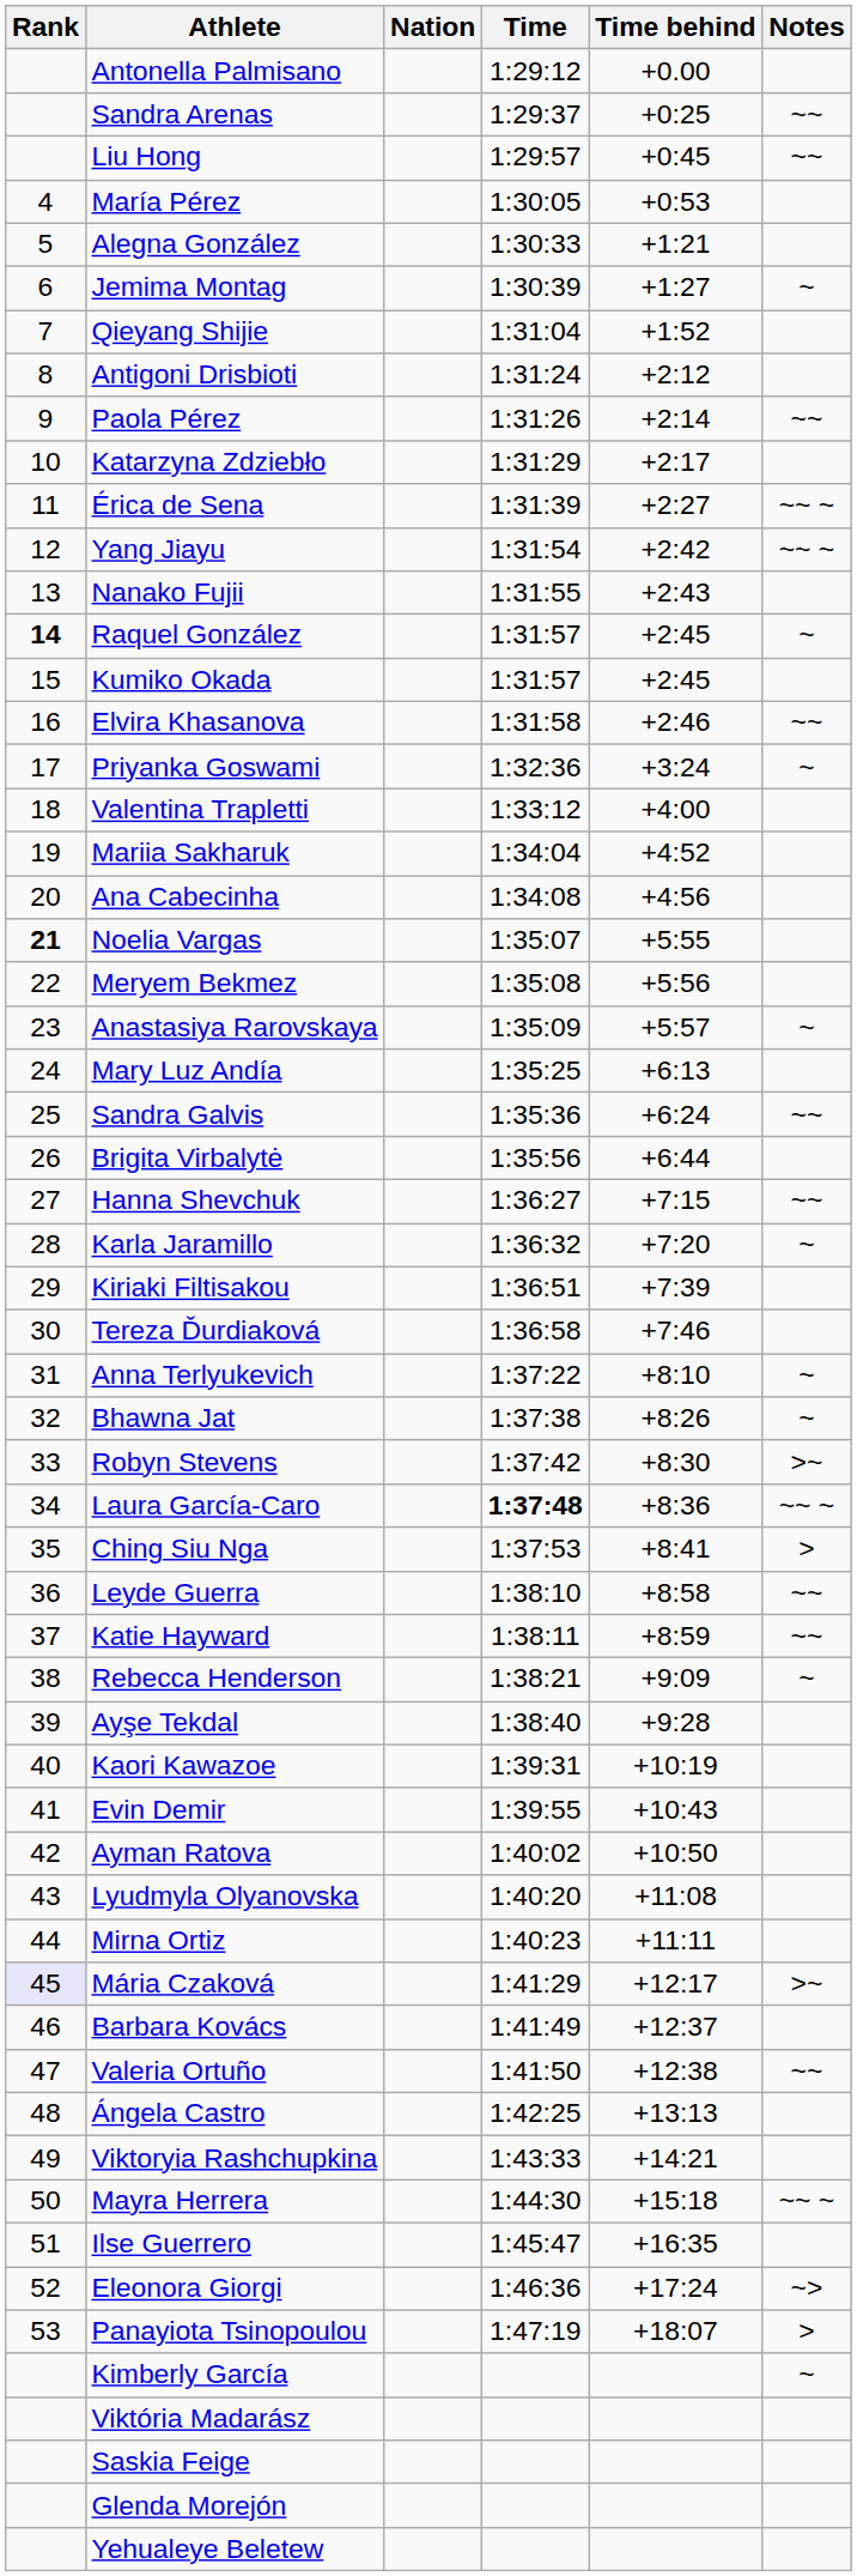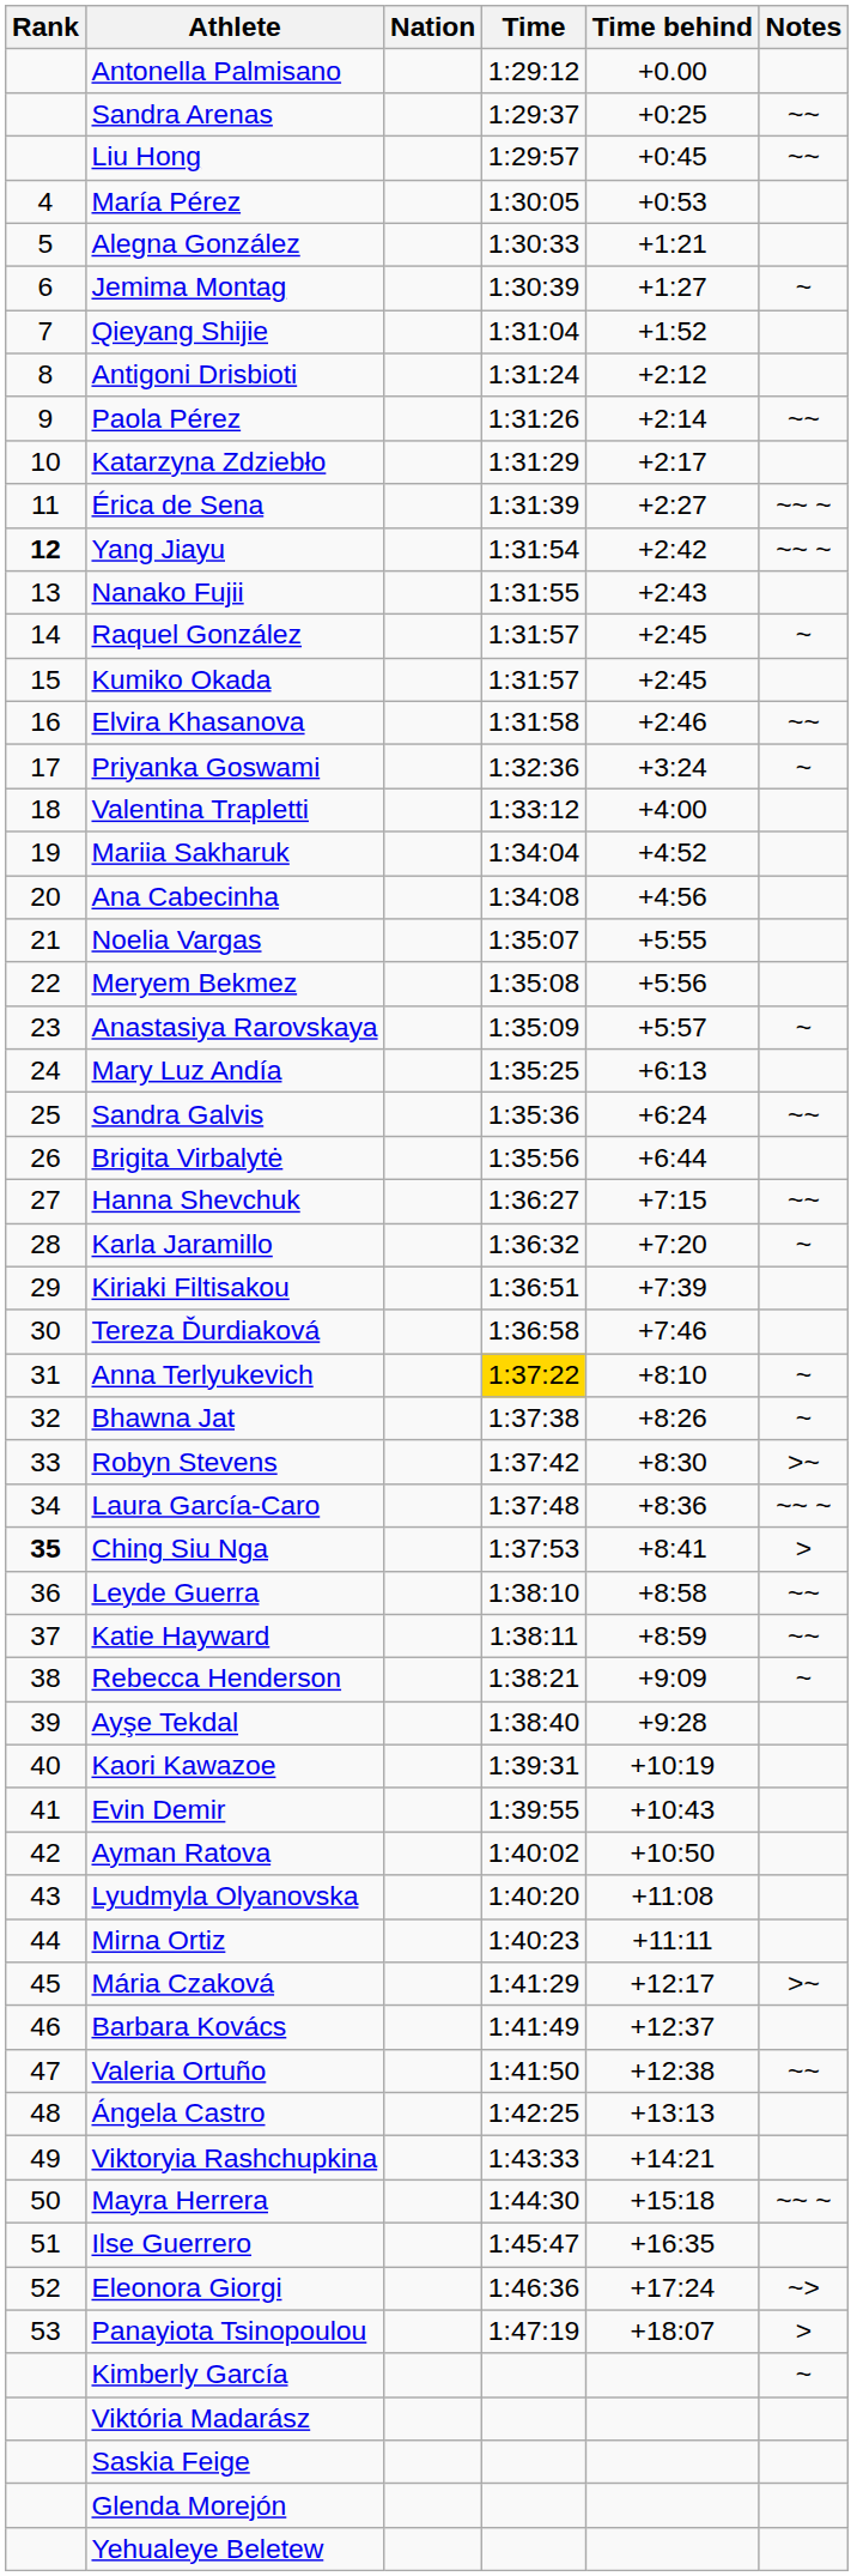 <table class="wikitable sortable" style="text-align:center">
 <tr>
 <th>Rank</th>
 <th>Athlete</th>
 <th>Nation</th>
 <th>Time</th>
 <th>Time behind</th>
 <th>Notes</th>
 </tr>
 <tr>
 <td></td>
 <td align=left><a href='#'>Antonella Palmisano</a></td>
 <td align=left></td>
 <td>1:29:12</td>
 <td>+0.00</td>
 <td></td>
 </tr>
 <tr>
 <td></td>
 <td align=left><a href='#'>Sandra Arenas</a></td>
 <td align=left></td>
 <td>1:29:37</td>
 <td>+0:25</td>
 <td>~~</td>
 </tr>
 <tr>
 <td></td>
 <td align=left><a href='#'>Liu Hong</a></td>
 <td align=left></td>
 <td>1:29:57</td>
 <td>+0:45</td>
 <td>~~</td>
 </tr>
 <tr>
 <td>4</td>
 <td align=left><a href='#'>María Pérez</a></td>
 <td align=left></td>
 <td>1:30:05</td>
 <td>+0:53</td>
 <td></td>
 </tr>
 <tr>
 <td>5</td>
 <td align=left><a href='#'>Alegna González</a></td>
 <td align=left></td>
 <td>1:30:33</td>
 <td>+1:21</td>
 <td></td>
 </tr>
 <tr>
 <td>6</td>
 <td align=left><a href='#'>Jemima Montag</a></td>
 <td align=left></td>
 <td>1:30:39</td>
 <td>+1:27</td>
 <td>~</td>
 </tr>
 <tr>
 <td>7</td>
 <td align=left><a href='#'>Qieyang Shijie</a></td>
 <td align=left></td>
 <td>1:31:04</td>
 <td>+1:52</td>
 <td></td>
 </tr>
 <tr>
 <td>8</td>
 <td align=left><a href='#'>Antigoni Drisbioti</a></td>
 <td align=left></td>
 <td>1:31:24</td>
 <td>+2:12</td>
 <td></td>
 </tr>
 <tr>
 <td>9</td>
 <td align=left><a href='#'>Paola Pérez</a></td>
 <td align=left></td>
 <td>1:31:26</td>
 <td>+2:14</td>
 <td>~~</td>
 </tr>
 <tr>
 <td>10</td>
 <td align=left><a href='#'>Katarzyna Zdziebło</a></td>
 <td align=left></td>
 <td>1:31:29</td>
 <td>+2:17</td>
 <td></td>
 </tr>
 <tr>
 <td>11</td>
 <td align=left><a href='#'>Érica de Sena</a></td>
 <td align=left></td>
 <td>1:31:39</td>
 <td>+2:27</td>
 <td>~~ ~</td>
 </tr>
 <tr>
-<td>12</td>
+<td><strong>12</strong></td>
 <td align=left><a href='#'>Yang Jiayu</a></td>
 <td align=left></td>
 <td>1:31:54</td>
 <td>+2:42</td>
 <td>~~ ~</td>
 </tr>
 <tr>
 <td>13</td>
 <td align=left><a href='#'>Nanako Fujii</a></td>
 <td align=left></td>
 <td>1:31:55</td>
 <td>+2:43</td>
 <td></td>
 </tr>
 <tr>
-<td><strong>14</strong></td>
+<td>14</td>
 <td align=left><a href='#'>Raquel González</a></td>
 <td align=left></td>
 <td>1:31:57</td>
 <td>+2:45</td>
 <td>~</td>
 </tr>
 <tr>
 <td>15</td>
 <td align=left><a href='#'>Kumiko Okada</a></td>
 <td align=left></td>
 <td>1:31:57</td>
 <td>+2:45</td>
 <td></td>
 </tr>
 <tr>
 <td>16</td>
 <td align=left><a href='#'>Elvira Khasanova</a></td>
 <td align=left></td>
 <td>1:31:58</td>
 <td>+2:46</td>
 <td>~~</td>
 </tr>
 <tr>
 <td>17</td>
 <td align=left><a href='#'>Priyanka Goswami</a></td>
 <td align=left></td>
 <td>1:32:36</td>
 <td>+3:24</td>
 <td>~</td>
 </tr>
 <tr>
 <td>18</td>
 <td align=left><a href='#'>Valentina Trapletti</a></td>
 <td align=left></td>
 <td>1:33:12</td>
 <td>+4:00</td>
 <td></td>
 </tr>
 <tr>
 <td>19</td>
 <td align=left><a href='#'>Mariia Sakharuk</a></td>
 <td align=left></td>
 <td>1:34:04</td>
 <td>+4:52</td>
 <td></td>
 </tr>
 <tr>
 <td>20</td>
 <td align=left><a href='#'>Ana Cabecinha</a></td>
 <td align=left></td>
 <td>1:34:08</td>
 <td>+4:56</td>
 <td></td>
 </tr>
 <tr>
-<td><strong>21</strong></td>
+<td>21</td>
 <td align=left><a href='#'>Noelia Vargas</a></td>
 <td align=left></td>
 <td>1:35:07</td>
 <td>+5:55</td>
 <td></td>
 </tr>
 <tr>
 <td>22</td>
 <td align=left><a href='#'>Meryem Bekmez</a></td>
 <td align=left></td>
 <td>1:35:08</td>
 <td>+5:56</td>
 <td></td>
 </tr>
 <tr>
 <td>23</td>
 <td align=left><a href='#'>Anastasiya Rarovskaya</a></td>
 <td align=left></td>
 <td>1:35:09</td>
 <td>+5:57</td>
 <td>~</td>
 </tr>
 <tr>
 <td>24</td>
 <td align=left><a href='#'>Mary Luz Andía</a></td>
 <td align=left></td>
 <td>1:35:25</td>
 <td>+6:13</td>
 <td></td>
 </tr>
 <tr>
 <td>25</td>
 <td align=left><a href='#'>Sandra Galvis</a></td>
 <td align=left></td>
 <td>1:35:36</td>
 <td>+6:24</td>
 <td>~~ </td>
 </tr>
 <tr>
 <td>26</td>
 <td align=left><a href='#'>Brigita Virbalytė</a></td>
 <td align=left></td>
 <td>1:35:56</td>
 <td>+6:44</td>
 <td></td>
 </tr>
 <tr>
 <td>27</td>
 <td align=left><a href='#'>Hanna Shevchuk</a></td>
 <td align=left></td>
 <td>1:36:27</td>
 <td>+7:15</td>
 <td>~~</td>
 </tr>
 <tr>
 <td>28</td>
 <td align=left><a href='#'>Karla Jaramillo</a></td>
 <td align=left></td>
 <td>1:36:32</td>
 <td>+7:20</td>
 <td>~</td>
 </tr>
 <tr>
 <td>29</td>
 <td align=left><a href='#'>Kiriaki Filtisakou</a></td>
 <td align=left></td>
 <td>1:36:51</td>
 <td>+7:39</td>
 <td></td>
 </tr>
 <tr>
 <td>30</td>
 <td align=left><a href='#'>Tereza Ďurdiaková</a></td>
 <td align=left></td>
 <td>1:36:58</td>
 <td>+7:46</td>
 <td></td>
 </tr>
 <tr>
 <td>31</td>
 <td align=left><a href='#'>Anna Terlyukevich</a></td>
 <td align=left></td>
-<td>1:37:22</td>
+<td style="background: gold;">1:37:22</td>
 <td>+8:10</td>
 <td>~</td>
 </tr>
 <tr>
 <td>32</td>
 <td align=left><a href='#'>Bhawna Jat</a></td>
 <td align=left></td>
 <td>1:37:38</td>
 <td>+8:26</td>
 <td>~</td>
 </tr>
 <tr>
 <td>33</td>
 <td align=left><a href='#'>Robyn Stevens</a></td>
 <td align=left></td>
 <td>1:37:42</td>
 <td>+8:30</td>
 <td>>~</td>
 </tr>
 <tr>
 <td>34</td>
 <td align=left><a href='#'>Laura García-Caro</a></td>
 <td align=left></td>
-<td><strong>1:37:48</strong></td>
+<td>1:37:48</td>
 <td>+8:36</td>
 <td>~~ ~</td>
 </tr>
 <tr>
-<td>35</td>
+<td><strong>35</strong></td>
 <td align=left><a href='#'>Ching Siu Nga</a></td>
 <td align=left></td>
 <td>1:37:53</td>
 <td>+8:41</td>
 <td>></td>
 </tr>
 <tr>
 <td>36</td>
 <td align=left><a href='#'>Leyde Guerra</a></td>
 <td align=left></td>
 <td>1:38:10</td>
 <td>+8:58</td>
 <td>~~</td>
 </tr>
 <tr>
 <td>37</td>
 <td align=left><a href='#'>Katie Hayward</a></td>
 <td align=left></td>
 <td>1:38:11</td>
 <td>+8:59</td>
 <td>~~</td>
 </tr>
 <tr>
 <td>38</td>
 <td align=left><a href='#'>Rebecca Henderson</a></td>
 <td align=left></td>
 <td>1:38:21</td>
 <td>+9:09</td>
 <td>~</td>
 </tr>
 <tr>
 <td>39</td>
 <td align=left><a href='#'>Ayşe Tekdal</a></td>
 <td align=left></td>
 <td>1:38:40</td>
 <td>+9:28</td>
 <td></td>
 </tr>
 <tr>
 <td>40</td>
 <td align=left><a href='#'>Kaori Kawazoe</a></td>
 <td align=left></td>
 <td>1:39:31</td>
 <td>+10:19</td>
 <td></td>
 </tr>
 <tr>
 <td>41</td>
 <td align=left><a href='#'>Evin Demir</a></td>
 <td align=left></td>
 <td>1:39:55</td>
 <td>+10:43</td>
 <td></td>
 </tr>
 <tr>
 <td>42</td>
 <td align=left><a href='#'>Ayman Ratova</a></td>
 <td align=left></td>
 <td>1:40:02</td>
 <td>+10:50</td>
 <td></td>
 </tr>
 <tr>
 <td>43</td>
 <td align=left><a href='#'>Lyudmyla Olyanovska</a></td>
 <td align=left></td>
 <td>1:40:20</td>
 <td>+11:08</td>
 <td></td>
 </tr>
 <tr>
 <td>44</td>
 <td align=left><a href='#'>Mirna Ortiz</a></td>
 <td align=left></td>
 <td>1:40:23</td>
 <td>+11:11</td>
 <td></td>
 </tr>
 <tr>
-<td style="background: lavender;">45</td>
+<td>45</td>
 <td align=left><a href='#'>Mária Czaková</a></td>
 <td align=left></td>
 <td>1:41:29</td>
 <td>+12:17</td>
 <td>>~</td>
 </tr>
 <tr>
 <td>46</td>
 <td align=left><a href='#'>Barbara Kovács</a></td>
 <td align=left></td>
 <td>1:41:49</td>
 <td>+12:37</td>
 <td></td>
 </tr>
 <tr>
 <td>47</td>
 <td align=left><a href='#'>Valeria Ortuño</a></td>
 <td align=left></td>
 <td>1:41:50</td>
 <td>+12:38</td>
 <td>~~</td>
 </tr>
 <tr>
 <td>48</td>
 <td align=left><a href='#'>Ángela Castro</a></td>
 <td align=left></td>
 <td>1:42:25</td>
 <td>+13:13</td>
 <td></td>
 </tr>
 <tr>
 <td>49</td>
 <td align=left><a href='#'>Viktoryia Rashchupkina</a></td>
 <td align=left></td>
 <td>1:43:33</td>
 <td>+14:21</td>
 <td></td>
 </tr>
 <tr>
 <td>50</td>
 <td align=left><a href='#'>Mayra Herrera</a></td>
 <td align=left></td>
 <td>1:44:30</td>
 <td>+15:18</td>
 <td>~~ ~</td>
 </tr>
 <tr>
 <td>51</td>
 <td align=left><a href='#'>Ilse Guerrero</a></td>
 <td align=left></td>
 <td>1:45:47</td>
 <td>+16:35</td>
 <td></td>
 </tr>
 <tr>
 <td>52</td>
 <td align=left><a href='#'>Eleonora Giorgi</a></td>
 <td align=left></td>
 <td>1:46:36</td>
 <td>+17:24</td>
 <td>~></td>
 </tr>
 <tr>
 <td>53</td>
 <td align=left><a href='#'>Panayiota Tsinopoulou</a></td>
 <td align=left></td>
 <td>1:47:19</td>
 <td>+18:07</td>
 <td>></td>
 </tr>
 <tr>
 <td></td>
 <td align=left><a href='#'>Kimberly García</a></td>
 <td align=left></td>
 <td></td>
 <td></td>
 <td>~</td>
 </tr>
 <tr>
 <td></td>
 <td align=left><a href='#'>Viktória Madarász</a></td>
 <td align=left></td>
 <td></td>
 <td></td>
 <td></td>
 </tr>
 <tr>
 <td></td>
 <td align=left><a href='#'>Saskia Feige</a></td>
 <td align=left></td>
 <td></td>
 <td></td>
 <td></td>
 </tr>
 <tr>
 <td></td>
 <td align=left><a href='#'>Glenda Morejón</a></td>
 <td align=left></td>
 <td></td>
 <td></td>
 <td></td>
 </tr>
 <tr>
 <td></td>
 <td align=left><a href='#'>Yehualeye Beletew</a></td>
 <td align=left></td>
 <td></td>
 <td></td>
 <td></td>
 </tr>
 </table>
